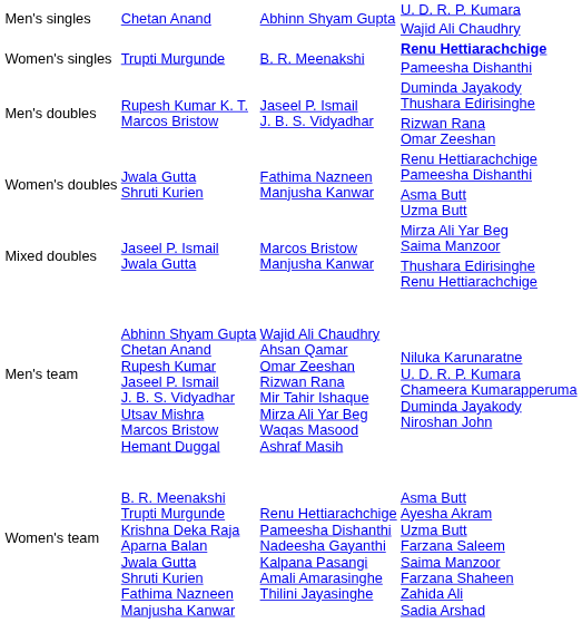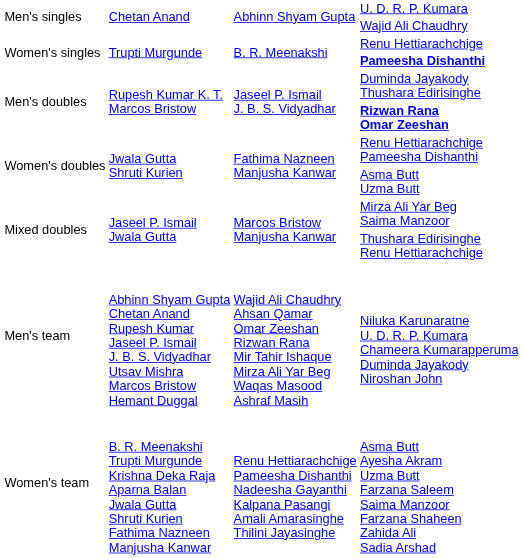 <table>
 <tr>
 <td rowspan="2">Men's singles</td>
 <td rowspan="2"> <a href='#'>Chetan Anand</a></td>
 <td rowspan="2"> <a href='#'>Abhinn Shyam Gupta</a></td>
 <td> <a href='#'>U. D. R. P. Kumara</a></td>
 </tr>
 <tr>
 <td> <a href='#'>Wajid Ali Chaudhry</a></td>
 </tr>
 <tr>
 <td rowspan="2">Women's singles</td>
 <td rowspan="2"> <a href='#'>Trupti Murgunde</a></td>
 <td rowspan="2"> <a href='#'>B. R. Meenakshi</a></td>
-<td><strong> <a href='#'>Renu Hettiarachchige</a></strong></td>
+<td> <a href='#'>Renu Hettiarachchige</a></td>
 </tr>
 <tr>
-<td> <a href='#'>Pameesha Dishanthi</a></td>
+<td><strong> <a href='#'>Pameesha Dishanthi</a></strong></td>
 </tr>
 <tr>
 <td rowspan="2">Men's doubles</td>
 <td rowspan="2"> <a href='#'>Rupesh Kumar K. T.</a><br> <a href='#'>Marcos Bristow</a></td>
 <td rowspan="2"> <a href='#'>Jaseel P. Ismail</a><br> <a href='#'>J. B. S. Vidyadhar</a></td>
 <td> <a href='#'>Duminda Jayakody</a><br> <a href='#'>Thushara Edirisinghe</a></td>
 </tr>
 <tr>
-<td> <a href='#'>Rizwan Rana</a><br> <a href='#'>Omar Zeeshan</a></td>
+<td><strong> <a href='#'>Rizwan Rana</a><br> <a href='#'>Omar Zeeshan</a></strong></td>
 </tr>
 <tr>
 <td rowspan="2">Women's doubles</td>
 <td rowspan="2"> <a href='#'>Jwala Gutta</a><br> <a href='#'>Shruti Kurien</a></td>
 <td rowspan="2"> <a href='#'>Fathima Nazneen</a><br> <a href='#'>Manjusha Kanwar</a></td>
 <td> <a href='#'>Renu Hettiarachchige</a><br> <a href='#'>Pameesha Dishanthi</a></td>
 </tr>
 <tr>
 <td> <a href='#'>Asma Butt</a><br> <a href='#'>Uzma Butt</a></td>
 </tr>
 <tr>
 <td rowspan="2">Mixed doubles</td>
 <td rowspan="2"> <a href='#'>Jaseel P. Ismail</a><br> <a href='#'>Jwala Gutta</a></td>
 <td rowspan="2"> <a href='#'>Marcos Bristow</a><br> <a href='#'>Manjusha Kanwar</a></td>
 <td> <a href='#'>Mirza Ali Yar Beg</a><br> <a href='#'>Saima Manzoor</a></td>
 </tr>
 <tr>
 <td> <a href='#'>Thushara Edirisinghe</a><br> <a href='#'>Renu Hettiarachchige</a></td>
 </tr>
 <tr>
 <td>Men's team</td>
 <td><br><br><a href='#'>Abhinn Shyam Gupta</a><br> <a href='#'>Chetan Anand</a><br> <a href='#'>Rupesh Kumar</a><br> <a href='#'>Jaseel P. Ismail</a><br> <a href='#'>J. B. S. Vidyadhar</a><br> <a href='#'>Utsav Mishra</a><br> <a href='#'>Marcos Bristow</a><br> <a href='#'>Hemant Duggal</a></td>
 <td><br><br><a href='#'>Wajid Ali Chaudhry</a><br> <a href='#'>Ahsan Qamar</a><br> <a href='#'>Omar Zeeshan</a><br> <a href='#'>Rizwan Rana</a><br> <a href='#'>Mir Tahir Ishaque</a><br> <a href='#'>Mirza Ali Yar Beg</a><br> <a href='#'>Waqas Masood</a><br> <a href='#'>Ashraf Masih</a></td>
 <td><br><br><a href='#'>Niluka Karunaratne</a><br> <a href='#'>U. D. R. P. Kumara</a><br> <a href='#'>Chameera Kumarapperuma</a><br> <a href='#'>Duminda Jayakody</a><br> <a href='#'>Niroshan John</a></td>
 </tr>
 <tr>
 <td>Women's team</td>
 <td><br><br><a href='#'>B. R. Meenakshi</a><br> <a href='#'>Trupti Murgunde</a><br> <a href='#'>Krishna Deka Raja</a><br> <a href='#'>Aparna Balan</a><br> <a href='#'>Jwala Gutta</a><br> <a href='#'>Shruti Kurien</a><br> <a href='#'>Fathima Nazneen</a> <br><a href='#'>Manjusha Kanwar</a></td>
 <td><br><br><a href='#'>Renu Hettiarachchige</a><br> <a href='#'>Pameesha Dishanthi</a><br> <a href='#'>Nadeesha Gayanthi</a><br> <a href='#'>Kalpana Pasangi</a><br> <a href='#'>Amali Amarasinghe</a><br> <a href='#'>Thilini Jayasinghe</a></td>
 <td><br><br><a href='#'>Asma Butt</a><br> <a href='#'>Ayesha Akram</a><br> <a href='#'>Uzma Butt</a><br> <a href='#'>Farzana Saleem</a><br> <a href='#'>Saima Manzoor</a><br> <a href='#'>Farzana Shaheen</a><br> <a href='#'>Zahida Ali</a><br> <a href='#'>Sadia Arshad</a></td>
 </tr>
 </table>
